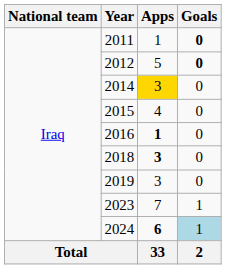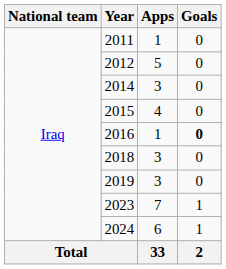 <table class="wikitable" style="text-align:center">
 <tr>
 <th>National team</th>
 <th>Year</th>
 <th>Apps</th>
 <th>Goals</th>
 </tr>
 <tr>
 <td rowspan="9"><a href='#'>Iraq</a></td>
 <td>2011</td>
 <td>1</td>
-<td><strong>0</strong></td>
+<td>0</td>
 </tr>
 <tr>
 <td>2012</td>
 <td>5</td>
-<td><strong>0</strong></td>
+<td>0</td>
 </tr>
 <tr>
 <td>2014</td>
-<td style="background: gold;">3</td>
+<td>3</td>
 <td>0</td>
 </tr>
 <tr>
 <td>2015</td>
 <td>4</td>
 <td>0</td>
 </tr>
 <tr>
 <td>2016</td>
-<td><strong>1</strong></td>
-<td>0</td>
+<td>1</td>
+<td><strong>0</strong></td>
 </tr>
 <tr>
 <td>2018</td>
-<td><strong>3</strong></td>
+<td>3</td>
 <td>0</td>
 </tr>
 <tr>
 <td>2019</td>
 <td>3</td>
 <td>0</td>
 </tr>
 <tr>
 <td>2023</td>
 <td>7</td>
 <td>1</td>
 </tr>
 <tr>
 <td>2024</td>
-<td><strong>6</strong></td>
-<td style="background: lightblue;">1</td>
+<td>6</td>
+<td>1</td>
 </tr>
 <tr>
 <th colspan="2">Total</th>
 <th>33</th>
 <th>2</th>
 </tr>
 </table>
